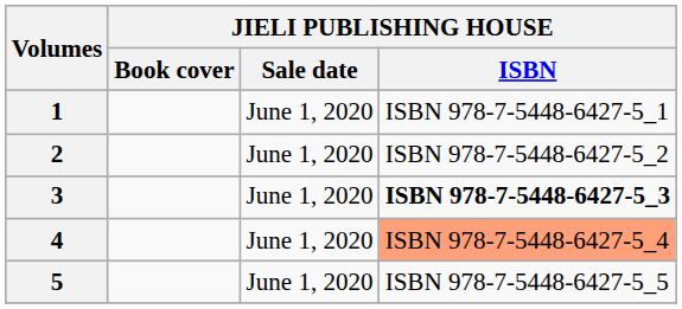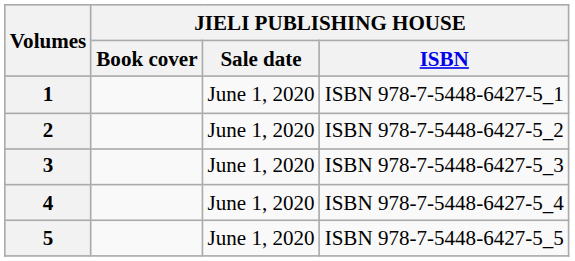 <table class=wikitable style="font-size:small;">
 <tr>
 <th rowspan="2">Volumes</th>
 <th colspan="3"> JIELI PUBLISHING HOUSE</th>
 </tr>
 <tr>
 <th>Book cover</th>
 <th>Sale date</th>
 <th><a href='#'>ISBN</a></th>
 </tr>
 <tr>
 <th>1</th>
 <td></td>
 <td>June 1, 2020</td>
 <td>ISBN 978-7-5448-6427-5_1</td>
 </tr>
 <tr>
 <th>2</th>
 <td></td>
 <td>June 1, 2020</td>
 <td>ISBN 978-7-5448-6427-5_2</td>
 </tr>
 <tr>
 <th>3</th>
 <td></td>
 <td>June 1, 2020</td>
-<td><strong>ISBN 978-7-5448-6427-5_3</strong></td>
+<td>ISBN 978-7-5448-6427-5_3</td>
 </tr>
 <tr>
 <th>4</th>
 <td></td>
 <td>June 1, 2020</td>
-<td style="background: lightsalmon;">ISBN 978-7-5448-6427-5_4</td>
+<td>ISBN 978-7-5448-6427-5_4</td>
 </tr>
 <tr>
 <th>5</th>
 <td></td>
 <td>June 1, 2020</td>
 <td>ISBN 978-7-5448-6427-5_5</td>
 </tr>
 </table>
